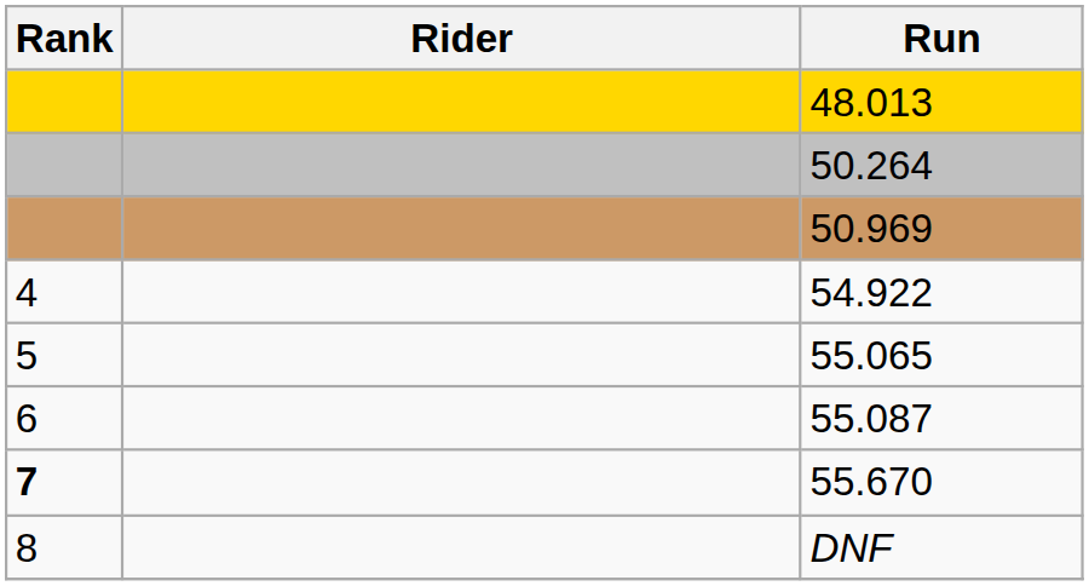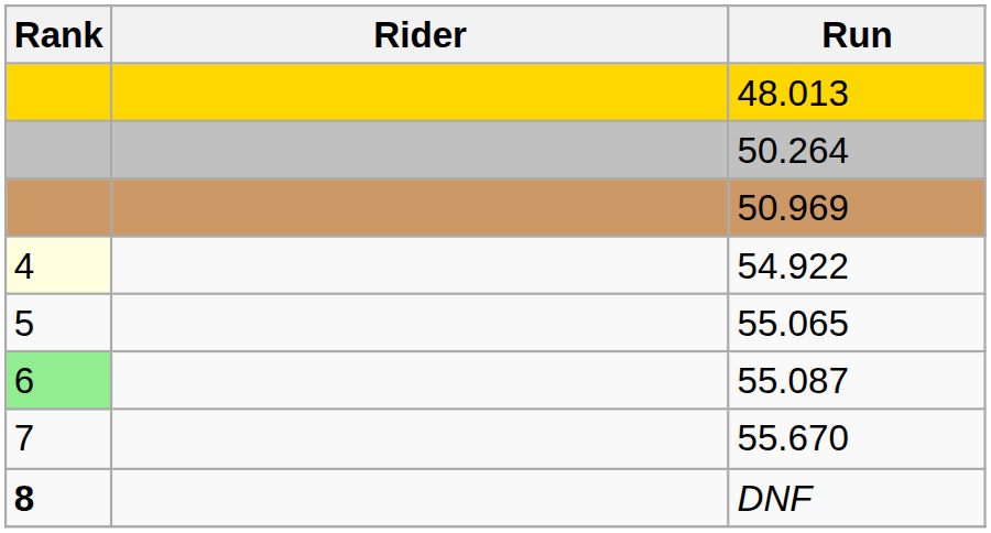 <table class="wikitable" style="font-size:95%" style="text-align:center">
 <tr>
 <th>Rank</th>
 <th width=250>Rider</th>
 <th width=100>Run</th>
 </tr>
 <tr bgcolor=gold>
 <td></td>
 <td align=left></td>
 <td>48.013</td>
 </tr>
 <tr bgcolor=silver>
 <td></td>
 <td align=left></td>
 <td>50.264</td>
 </tr>
 <tr bgcolor=cc9966>
 <td></td>
 <td align=left></td>
 <td>50.969</td>
 </tr>
 <tr>
-<td>4</td>
+<td style="background: lightyellow;">4</td>
 <td align=left></td>
 <td>54.922</td>
 </tr>
 <tr>
 <td>5</td>
 <td align=left></td>
 <td>55.065</td>
 </tr>
 <tr>
-<td>6</td>
+<td style="background: lightgreen;">6</td>
 <td align=left></td>
 <td>55.087</td>
 </tr>
 <tr>
-<td><strong>7</strong></td>
+<td>7</td>
 <td align=left></td>
 <td>55.670</td>
 </tr>
 <tr>
-<td>8</td>
+<td><strong>8</strong></td>
 <td align=left></td>
 <td><em>DNF</em></td>
 </tr>
 <tr>
 </tr>
 </table>
